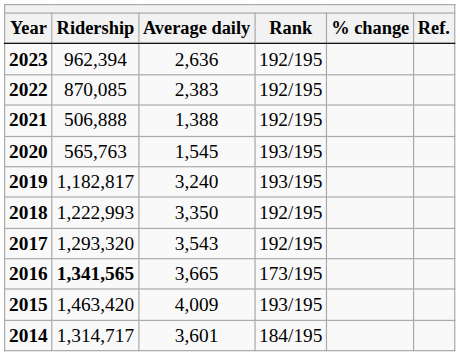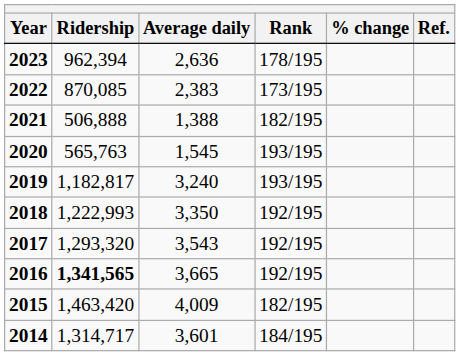 <table class="wikitable sortable" style="text-align:right;">
 <tr>
 <th colspan="6" style="background-color:#"></th>
 </tr>
 <tr style="font-size:95%; text-align:center">
 <th style="border-bottom:1px solid black">Year</th>
 <th style="border-bottom:1px solid black">Ridership</th>
 <th style="border-bottom:1px solid black">Average daily</th>
 <th style="border-bottom:1px solid black">Rank</th>
 <th style="border-bottom:1px solid black">% change</th>
 <th style="border-bottom:1px solid black">Ref.</th>
 </tr>
 <tr style="text-align:center;">
 <td><strong>2023</strong></td>
 <td>962,394</td>
 <td>2,636</td>
-<td>192/195</td>
+<td>178/195</td>
 <td></td>
 <td></td>
 </tr>
 <tr style="text-align:center;">
 <td><strong>2022</strong></td>
 <td>870,085</td>
 <td>2,383</td>
-<td>192/195</td>
+<td>173/195</td>
 <td></td>
 <td></td>
 </tr>
 <tr style="text-align:center;">
 <td><strong>2021</strong></td>
 <td>506,888</td>
 <td>1,388</td>
-<td>192/195</td>
+<td>182/195</td>
 <td></td>
 <td></td>
 </tr>
 <tr style="text-align:center;">
 <td><strong>2020</strong></td>
 <td>565,763</td>
 <td>1,545</td>
 <td>193/195</td>
 <td></td>
 <td></td>
 </tr>
 <tr style="text-align:center;">
 <td><strong>2019</strong></td>
 <td>1,182,817</td>
 <td>3,240</td>
 <td>193/195</td>
 <td></td>
 <td></td>
 </tr>
 <tr style="text-align:center;">
 <td><strong>2018</strong></td>
 <td>1,222,993</td>
 <td>3,350</td>
 <td>192/195</td>
 <td></td>
 <td></td>
 </tr>
 <tr style="text-align:center;">
 <td><strong>2017</strong></td>
 <td>1,293,320</td>
 <td>3,543</td>
 <td>192/195</td>
 <td></td>
 <td></td>
 </tr>
 <tr style="text-align:center;">
 <td><strong>2016</strong></td>
 <td><strong>1,341,565</strong></td>
 <td>3,665</td>
-<td>173/195</td>
+<td>192/195</td>
 <td></td>
 <td></td>
 </tr>
 <tr style="text-align:center;">
 <td><strong>2015</strong></td>
 <td>1,463,420</td>
 <td>4,009</td>
-<td>193/195</td>
+<td>182/195</td>
 <td></td>
 <td></td>
 </tr>
 <tr style="text-align:center;">
 <td><strong>2014</strong></td>
 <td>1,314,717</td>
 <td>3,601</td>
 <td>184/195</td>
 <td></td>
 <td></td>
 </tr>
 </table>
